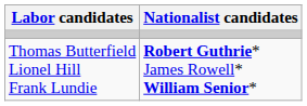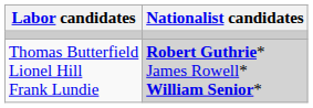 <table class="wikitable">
 <tr>
 <th><a href='#'>Labor</a> candidates</th>
 <th><a href='#'>Nationalist</a> candidates</th>
 </tr>
 <tr bgcolor="#cccccc">
 <td></td>
 <td></td>
 </tr>
 <tr>
 <td><a href='#'>Thomas Butterfield</a><br><a href='#'>Lionel Hill</a><br><a href='#'>Frank Lundie</a></td>
-<td><strong><a href='#'>Robert Guthrie</a></strong>*<br><a href='#'>James Rowell</a>*<br><strong><a href='#'>William Senior</a></strong>*</td>
+<td style="background: lightgrey;"><strong><a href='#'>Robert Guthrie</a></strong>*<br><a href='#'>James Rowell</a>*<br><strong><a href='#'>William Senior</a></strong>*</td>
 </tr>
 </table>
